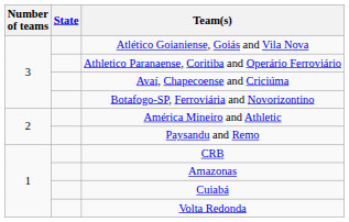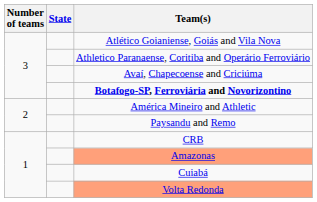 <table class="wikitable" style="text-align:center">
 <tr>
 <th>Number<br>of teams</th>
 <th><a href='#'>State</a></th>
 <th>Team(s)</th>
 </tr>
 <tr>
 <td rowspan=4>3</td>
 <td align=left></td>
 <td><a href='#'>Atlético Goianiense</a>, <a href='#'>Goiás</a> and <a href='#'>Vila Nova</a></td>
 </tr>
 <tr>
 <td align=left></td>
 <td><a href='#'>Athletico Paranaense</a>, <a href='#'>Coritiba</a> and <a href='#'>Operário Ferroviário</a></td>
 </tr>
 <tr>
 <td align=left></td>
 <td><a href='#'>Avaí</a>, <a href='#'>Chapecoense</a> and <a href='#'>Criciúma</a></td>
 </tr>
 <tr>
 <td align=left></td>
-<td><a href='#'>Botafogo-SP</a>, <a href='#'>Ferroviária</a> and <a href='#'>Novorizontino</a></td>
+<td><strong><a href='#'>Botafogo-SP</a>, <a href='#'>Ferroviária</a> and <a href='#'>Novorizontino</a></strong></td>
 </tr>
 <tr>
 <td rowspan=2>2</td>
 <td align=left></td>
 <td><a href='#'>América Mineiro</a> and <a href='#'>Athletic</a></td>
 </tr>
 <tr>
 <td align=left></td>
 <td><a href='#'>Paysandu</a> and <a href='#'>Remo</a></td>
 </tr>
 <tr>
 <td rowspan=4>1</td>
 <td align=left></td>
 <td><a href='#'>CRB</a></td>
 </tr>
 <tr>
 <td align=left></td>
-<td><a href='#'>Amazonas</a></td>
+<td style="background: lightsalmon;"><a href='#'>Amazonas</a></td>
 </tr>
 <tr>
 <td align=left></td>
 <td><a href='#'>Cuiabá</a></td>
 </tr>
 <tr>
 <td align=left></td>
-<td><a href='#'>Volta Redonda</a></td>
+<td style="background: lightsalmon;"><a href='#'>Volta Redonda</a></td>
 </tr>
 </table>
